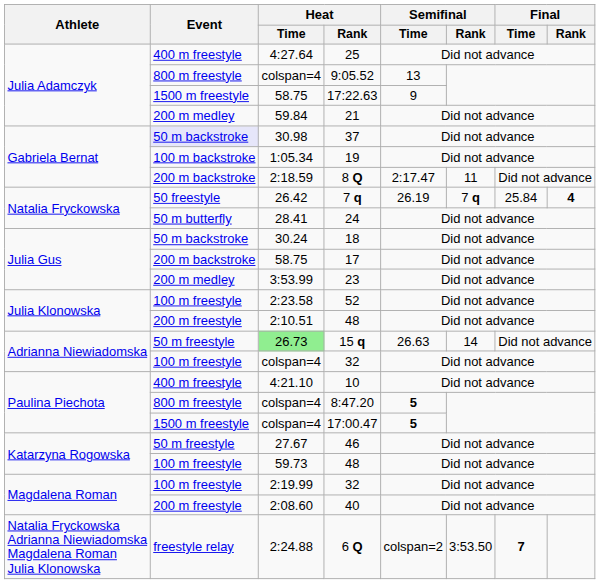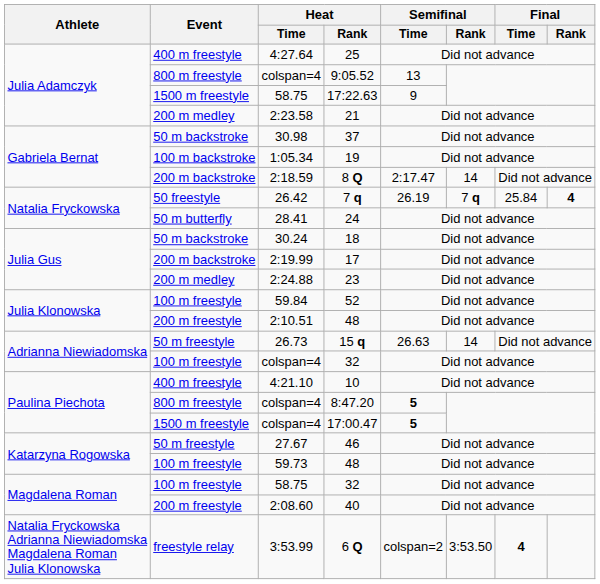 <table class=wikitable style="font-size:90%">
 <tr>
 <th rowspan="2">Athlete</th>
 <th rowspan="2">Event</th>
 <th colspan="2">Heat</th>
 <th colspan="2">Semifinal</th>
 <th colspan="2">Final</th>
 </tr>
 <tr style="font-size:95%">
 <th>Time</th>
 <th>Rank</th>
 <th>Time</th>
 <th>Rank</th>
 <th>Time</th>
 <th>Rank</th>
 </tr>
 <tr align=center>
 <td align=left rowspan=4><a href='#'>Julia Adamczyk</a></td>
 <td align=left><a href='#'>400 m freestyle</a></td>
 <td>4:27.64</td>
 <td>25</td>
 <td colspan=4>Did not advance</td>
 </tr>
 <tr align=center>
 <td align=left><a href='#'>800 m freestyle</a></td>
 <td>colspan=4 </td>
 <td>9:05.52</td>
 <td>13</td>
 </tr>
 <tr align=center>
 <td align=left><a href='#'>1500 m freestyle</a></td>
 <td>58.75</td>
 <td>17:22.63</td>
 <td>9</td>
 </tr>
 <tr align=center>
 <td align=left><a href='#'>200 m medley</a></td>
-<td>59.84</td>
+<td>2:23.58</td>
 <td>21</td>
 <td colspan=4>Did not advance</td>
 </tr>
 <tr align=center>
 <td align=left rowspan=3><a href='#'>Gabriela Bernat</a></td>
-<td align=left style="background: lavender;"><a href='#'>50 m backstroke</a></td>
+<td align=left><a href='#'>50 m backstroke</a></td>
 <td>30.98</td>
 <td>37</td>
 <td colspan=4>Did not advance</td>
 </tr>
 <tr align=center>
 <td align=left><a href='#'>100 m backstroke</a></td>
 <td>1:05.34</td>
 <td>19</td>
 <td colspan=4>Did not advance</td>
 </tr>
 <tr align=center>
 <td align=left><a href='#'>200 m backstroke</a></td>
 <td>2:18.59</td>
 <td>8 <strong>Q</strong></td>
 <td>2:17.47</td>
-<td>11</td>
+<td>14</td>
 <td colspan=2>Did not advance</td>
 </tr>
 <tr align=center>
 <td align=left rowspan=2><a href='#'>Natalia Fryckowska</a></td>
 <td align=left><a href='#'>50 freestyle</a></td>
 <td>26.42</td>
 <td>7 <strong>q</strong></td>
 <td>26.19</td>
 <td>7 <strong>q</strong></td>
 <td>25.84</td>
 <td><strong>4</strong></td>
 </tr>
 <tr align=center>
 <td align=left><a href='#'>50 m butterfly</a></td>
 <td>28.41</td>
 <td>24</td>
 <td colspan=4>Did not advance</td>
 </tr>
 <tr align=center>
 <td align=left rowspan=3><a href='#'>Julia Gus</a></td>
 <td align=left><a href='#'>50 m backstroke</a></td>
 <td>30.24</td>
 <td>18</td>
 <td colspan=4>Did not advance</td>
 </tr>
 <tr align=center>
 <td align=left><a href='#'>200 m backstroke</a></td>
-<td>58.75</td>
+<td>2:19.99</td>
 <td>17</td>
 <td colspan=4>Did not advance</td>
 </tr>
 <tr align=center>
 <td align=left><a href='#'>200 m medley</a></td>
-<td>3:53.99</td>
+<td>2:24.88</td>
 <td>23</td>
 <td colspan=4>Did not advance</td>
 </tr>
 <tr align=center>
 <td align=left rowspan=2><a href='#'>Julia Klonowska</a></td>
 <td align=left><a href='#'>100 m freestyle</a></td>
-<td>2:23.58</td>
+<td>59.84</td>
 <td>52</td>
 <td colspan=4>Did not advance</td>
 </tr>
 <tr align=center>
 <td align=left><a href='#'>200 m freestyle</a></td>
 <td>2:10.51</td>
 <td>48</td>
 <td colspan=4>Did not advance</td>
 </tr>
 <tr align=center>
 <td align=left rowspan=2><a href='#'>Adrianna Niewiadomska</a></td>
 <td align=left><a href='#'>50 m freestyle</a></td>
-<td style="background: lightgreen;">26.73</td>
+<td>26.73</td>
 <td>15 <strong>q</strong></td>
 <td>26.63</td>
 <td>14</td>
 <td colspan=2>Did not advance</td>
 </tr>
 <tr align=center>
 <td align=left><a href='#'>100 m freestyle</a></td>
 <td>colspan=4 </td>
 <td>32</td>
 <td colspan=4>Did not advance</td>
 </tr>
 <tr align=center>
 <td align=left rowspan=3><a href='#'>Paulina Piechota</a></td>
 <td align=left><a href='#'>400 m freestyle</a></td>
 <td>4:21.10</td>
 <td>10</td>
 <td colspan=4>Did not advance</td>
 </tr>
 <tr align=center>
 <td align=left><a href='#'>800 m freestyle</a></td>
 <td>colspan=4 </td>
 <td>8:47.20</td>
 <td><strong>5</strong></td>
 </tr>
 <tr align=center>
 <td align=left><a href='#'>1500 m freestyle</a></td>
 <td>colspan=4 </td>
 <td>17:00.47</td>
 <td><strong>5</strong></td>
 </tr>
 <tr align=center>
 <td align=left rowspan=2><a href='#'>Katarzyna Rogowska</a></td>
 <td align=left><a href='#'>50 m freestyle</a></td>
 <td>27.67</td>
 <td>46</td>
 <td colspan=4>Did not advance</td>
 </tr>
 <tr align=center>
 <td align=left><a href='#'>100 m freestyle</a></td>
 <td>59.73</td>
 <td>48</td>
 <td colspan=4>Did not advance</td>
 </tr>
 <tr align=center>
 <td align=left rowspan=2><a href='#'>Magdalena Roman</a></td>
 <td align=left><a href='#'>100 m freestyle</a></td>
-<td>2:19.99</td>
+<td>58.75</td>
 <td>32</td>
 <td colspan=4>Did not advance</td>
 </tr>
 <tr align=center>
 <td align=left><a href='#'>200 m freestyle</a></td>
 <td>2:08.60</td>
 <td>40</td>
 <td colspan=4>Did not advance</td>
 </tr>
 <tr align=center>
 <td align=left><a href='#'>Natalia Fryckowska</a><br><a href='#'>Adrianna Niewiadomska</a><br><a href='#'>Magdalena Roman</a> <br><a href='#'>Julia Klonowska</a></td>
 <td align=left><a href='#'> freestyle relay</a></td>
-<td>2:24.88</td>
+<td>3:53.99</td>
 <td>6 <strong>Q</strong></td>
 <td>colspan=2 </td>
 <td>3:53.50</td>
-<td><strong>7</strong></td>
+<td><strong>4</strong></td>
 </tr>
 </table>
